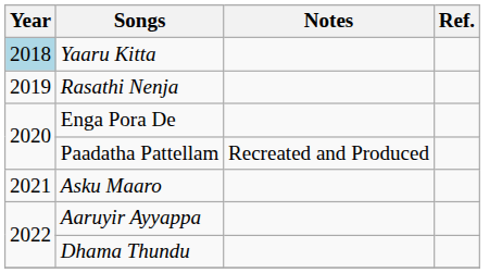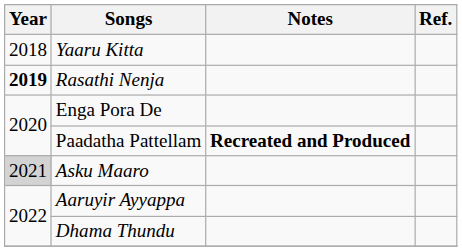 <table class="wikitable">
 <tr style="background:#ccc; text-align:center;">
 <th>Year</th>
 <th>Songs</th>
 <th>Notes</th>
 <th>Ref.</th>
 </tr>
 <tr>
-<td style="background: lightblue;">2018</td>
+<td>2018</td>
 <td><em>Yaaru Kitta</em></td>
 <td></td>
 <td></td>
 </tr>
 <tr>
-<td>2019</td>
+<td><strong>2019</strong></td>
 <td><em>Rasathi Nenja</em></td>
 <td></td>
 <td></td>
 </tr>
 <tr>
 <td rowspan="2">2020</td>
 <td>Enga Pora De</td>
 <td></td>
 <td></td>
 </tr>
 <tr>
 <td>Paadatha Pattellam</td>
-<td>Recreated and Produced</td>
+<td><strong>Recreated and Produced</strong></td>
 <td></td>
 </tr>
 <tr>
-<td>2021</td>
+<td style="background: lightgrey;">2021</td>
 <td><em>Asku Maaro</em></td>
 <td></td>
 <td></td>
 </tr>
 <tr>
 <td rowspan=2>2022</td>
 <td><em>Aaruyir Ayyappa</em></td>
 <td></td>
 <td></td>
 </tr>
 <tr>
 <td><em>Dhama Thundu</em></td>
 <td></td>
 <td></td>
 </tr>
 <tr>
 </tr>
 </table>
